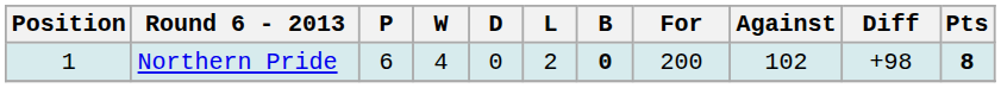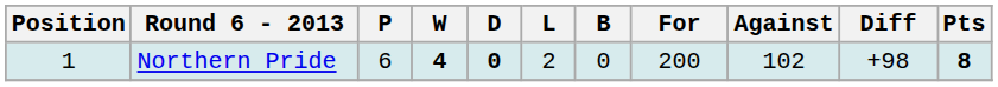 <table class="wikitable" style="text-align:center; font-size:85%;">
 <tr>
 <th width=40 abbr="Position">Position</th>
 <th width=100>Round 6 - 2013</th>
 <th width=20 abbr="Played">P</th>
 <th width=20 abbr="Won">W</th>
 <th width=20 abbr="Drawn">D</th>
 <th width=20 abbr="Lost">L</th>
 <th width=20 abbr="Bye">B</th>
 <th width=40 abbr="Points for">For</th>
 <th width=40 abbr="Points against">Against</th>
 <th width=40 abbr="Points difference">Diff</th>
 <th width=20 abbr="Points">Pts</th>
 </tr>
 <tr style="background: #d7ebed;">
 <td>1</td>
 <td style="text-align:left;"> <a href='#'>Northern Pride</a></td>
 <td>6</td>
-<td>4</td>
+<td><strong>4</strong></td>
+<td><strong>0</strong></td>
+<td>2</td>
 <td>0</td>
-<td>2</td>
-<td><strong>0</strong></td>
 <td>200</td>
 <td>102</td>
 <td>+98</td>
 <td><strong>8</strong></td>
 </tr>
 <tr>
 </tr>
 </table>
